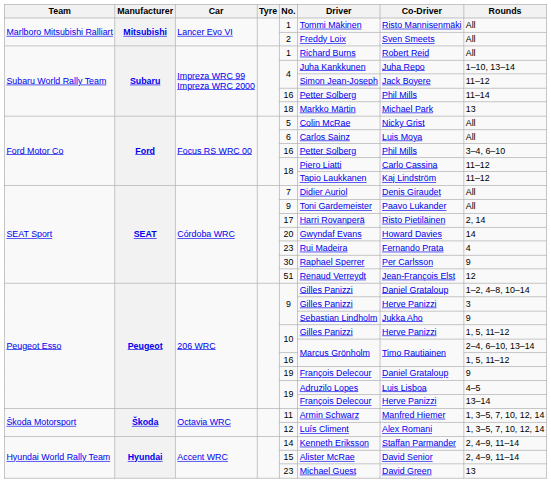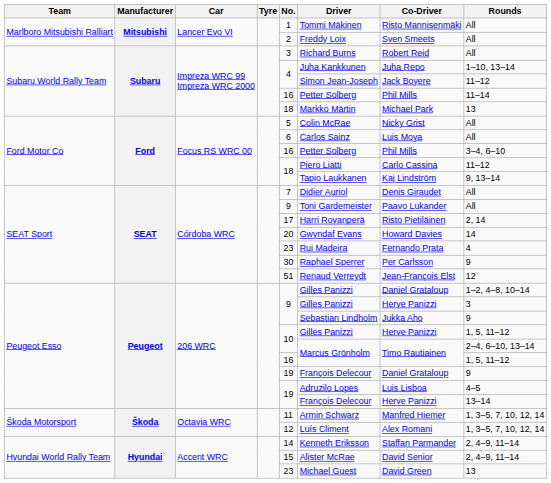 <table class="wikitable" style="font-size: 85%">
 <tr>
 <th>Team</th>
 <th>Manufacturer</th>
 <th>Car</th>
 <th>Tyre</th>
 <th>No.</th>
 <th>Driver</th>
 <th>Co-Driver</th>
 <th>Rounds</th>
 </tr>
 <tr>
 <td rowspan="2" nowrap> <a href='#'>Marlboro Mitsubishi Ralliart</a></td>
 <th rowspan="2"><a href='#'>Mitsubishi</a></th>
 <td rowspan="2" nowrap><a href='#'>Lancer Evo VI</a></td>
 <td rowspan="2" align="center"></td>
 <td align="center">1</td>
 <td> <a href='#'>Tommi Mäkinen</a></td>
 <td nowrap> <a href='#'>Risto Mannisenmäki</a></td>
 <td>All</td>
 </tr>
 <tr>
 <td align="center">2</td>
 <td> <a href='#'>Freddy Loix</a></td>
 <td> <a href='#'>Sven Smeets</a></td>
 <td>All</td>
 </tr>
 <tr>
 <td rowspan="5"> <a href='#'>Subaru World Rally Team</a></td>
 <th rowspan="5"><a href='#'>Subaru</a></th>
 <td rowspan="5"><a href='#'>Impreza WRC 99</a><br><a href='#'>Impreza WRC 2000</a></td>
 <td rowspan="5" align="center"></td>
-<td align="center">1</td>
+<td align="center">3</td>
 <td> <a href='#'>Richard Burns</a></td>
 <td> <a href='#'>Robert Reid</a></td>
 <td>All</td>
 </tr>
 <tr>
 <td align="center" rowspan="2">4</td>
 <td> <a href='#'>Juha Kankkunen</a></td>
 <td> <a href='#'>Juha Repo</a></td>
 <td>1–10, 13–14</td>
 </tr>
 <tr>
 <td nowrap> <a href='#'>Simon Jean-Joseph</a></td>
 <td> <a href='#'>Jack Boyere</a></td>
 <td>11–12</td>
 </tr>
 <tr>
 <td align="center">16</td>
 <td> <a href='#'>Petter Solberg</a></td>
 <td> <a href='#'>Phil Mills</a></td>
 <td>11–14</td>
 </tr>
 <tr>
 <td align="center">18</td>
 <td> <a href='#'>Markko Märtin</a></td>
 <td> <a href='#'>Michael Park</a></td>
 <td>13</td>
 </tr>
 <tr>
 <td rowspan="5"> <a href='#'>Ford Motor Co</a></td>
 <th rowspan="5"><a href='#'>Ford</a></th>
 <td rowspan="5"><a href='#'>Focus RS WRC 00</a></td>
 <td rowspan="5" align="center"></td>
 <td align="center">5</td>
 <td> <a href='#'>Colin McRae</a></td>
 <td> <a href='#'>Nicky Grist</a></td>
 <td>All</td>
 </tr>
 <tr>
 <td align="center">6</td>
 <td> <a href='#'>Carlos Sainz</a></td>
 <td> <a href='#'>Luis Moya</a></td>
 <td>All</td>
 </tr>
 <tr>
 <td align="center">16</td>
 <td> <a href='#'>Petter Solberg</a></td>
 <td> <a href='#'>Phil Mills</a></td>
 <td>3–4, 6–10</td>
 </tr>
 <tr>
 <td align="center" rowspan="2">18</td>
 <td> <a href='#'>Piero Liatti</a></td>
 <td> <a href='#'>Carlo Cassina</a></td>
 <td>11–12</td>
 </tr>
 <tr>
 <td> <a href='#'>Tapio Laukkanen</a></td>
 <td> <a href='#'>Kaj Lindström</a></td>
-<td>11–12</td>
+<td>9, 13–14</td>
 </tr>
 <tr>
 <td rowspan="7"> <a href='#'>SEAT Sport</a></td>
 <th rowspan="7"><a href='#'>SEAT</a></th>
 <td rowspan="7"><a href='#'>Córdoba WRC</a></td>
 <td rowspan="7" align="center"></td>
 <td align="center">7</td>
 <td> <a href='#'>Didier Auriol</a></td>
 <td> <a href='#'>Denis Giraudet</a></td>
 <td>All</td>
 </tr>
 <tr>
 <td align="center">9</td>
 <td> <a href='#'>Toni Gardemeister</a></td>
 <td> <a href='#'>Paavo Lukander</a></td>
 <td>All</td>
 </tr>
 <tr>
 <td align="center">17</td>
 <td> <a href='#'>Harri Rovanperä</a></td>
 <td> <a href='#'>Risto Pietiläinen</a></td>
 <td>2, 14</td>
 </tr>
 <tr>
 <td align="center">20</td>
 <td> <a href='#'>Gwyndaf Evans</a></td>
 <td> <a href='#'>Howard Davies</a></td>
 <td>14</td>
 </tr>
 <tr>
 <td align="center">23</td>
 <td> <a href='#'>Rui Madeira</a></td>
 <td> <a href='#'>Fernando Prata</a></td>
 <td>4</td>
 </tr>
 <tr>
 <td align="center">30</td>
 <td> <a href='#'>Raphael Sperrer</a></td>
 <td> <a href='#'>Per Carlsson</a></td>
 <td>9</td>
 </tr>
 <tr>
 <td align="center">51</td>
 <td> <a href='#'>Renaud Verreydt</a></td>
 <td> <a href='#'>Jean-François Elst</a></td>
 <td>12</td>
 </tr>
 <tr>
 <td rowspan="9"> <a href='#'>Peugeot Esso</a></td>
 <th rowspan="9"><a href='#'>Peugeot</a></th>
 <td rowspan="9"><a href='#'>206 WRC</a></td>
 <td rowspan="9" align="center"></td>
 <td align="center" rowspan="3">9</td>
 <td> <a href='#'>Gilles Panizzi</a></td>
 <td> <a href='#'>Daniel Grataloup</a></td>
 <td>1–2, 4–8, 10–14</td>
 </tr>
 <tr>
 <td> <a href='#'>Gilles Panizzi</a></td>
 <td> <a href='#'>Herve Panizzi</a></td>
 <td>3</td>
 </tr>
 <tr>
 <td> <a href='#'>Sebastian Lindholm</a></td>
 <td> <a href='#'>Jukka Aho</a></td>
 <td>9</td>
 </tr>
 <tr>
 <td align="center" rowspan="2">10</td>
 <td> <a href='#'>Gilles Panizzi</a></td>
 <td> <a href='#'>Herve Panizzi</a></td>
 <td>1, 5, 11–12</td>
 </tr>
 <tr>
 <td rowspan=2> <a href='#'>Marcus Grönholm</a></td>
 <td rowspan=2> <a href='#'>Timo Rautiainen</a></td>
 <td>2–4, 6–10, 13–14</td>
 </tr>
 <tr>
 <td align="center">16</td>
 <td>1, 5, 11–12</td>
 </tr>
 <tr>
 <td align="center">19</td>
 <td> <a href='#'>François Delecour</a></td>
 <td> <a href='#'>Daniel Grataloup</a></td>
 <td>9</td>
 </tr>
 <tr>
 <td align="center" rowspan="2">19</td>
 <td> <a href='#'>Adruzilo Lopes</a></td>
 <td> <a href='#'>Luis Lisboa</a></td>
 <td>4–5</td>
 </tr>
 <tr>
 <td> <a href='#'>François Delecour</a></td>
 <td> <a href='#'>Herve Panizzi</a></td>
 <td>13–14</td>
 </tr>
 <tr>
 <td rowspan="2"> <a href='#'>Škoda Motorsport</a></td>
 <th rowspan="2"><a href='#'>Škoda</a></th>
 <td rowspan="2"><a href='#'>Octavia WRC</a></td>
 <td rowspan="2" align="center"></td>
 <td align="center">11</td>
 <td> <a href='#'>Armin Schwarz</a></td>
 <td> <a href='#'>Manfred Hiemer</a></td>
 <td>1, 3–5, 7, 10, 12, 14</td>
 </tr>
 <tr>
 <td align="center">12</td>
 <td> <a href='#'>Luís Climent</a></td>
 <td> <a href='#'>Alex Romani</a></td>
 <td>1, 3–5, 7, 10, 12, 14</td>
 </tr>
 <tr>
 <td rowspan="3"> <a href='#'>Hyundai World Rally Team</a></td>
 <th rowspan="3"><a href='#'>Hyundai</a></th>
 <td rowspan="3"><a href='#'>Accent WRC</a></td>
 <td rowspan="3" align="center"></td>
 <td align="center">14</td>
 <td> <a href='#'>Kenneth Eriksson</a></td>
 <td> <a href='#'>Staffan Parmander</a></td>
 <td>2, 4–9, 11–14</td>
 </tr>
 <tr>
 <td align="center">15</td>
 <td> <a href='#'>Alister McRae</a></td>
 <td> <a href='#'>David Senior</a></td>
 <td>2, 4–9, 11–14</td>
 </tr>
 <tr>
 <td align="center">23</td>
 <td> <a href='#'>Michael Guest</a></td>
 <td> <a href='#'>David Green</a></td>
 <td>13</td>
 </tr>
 </table>
